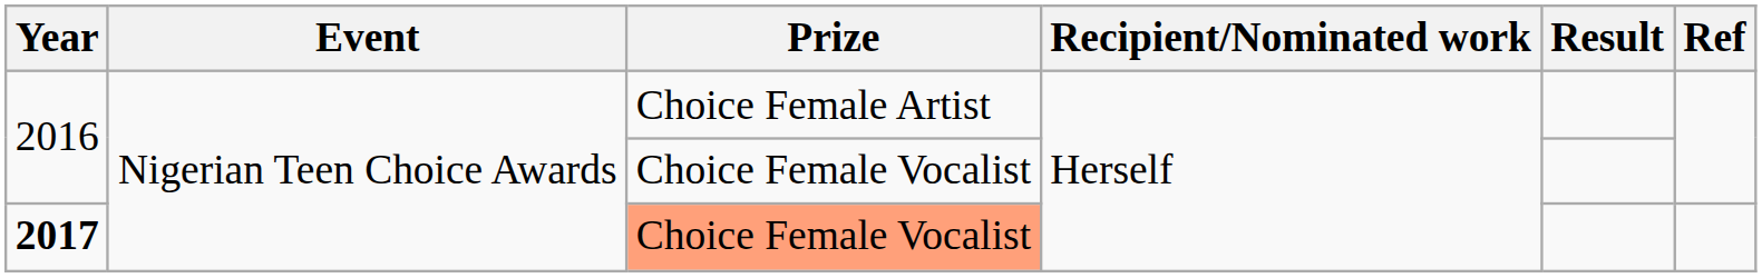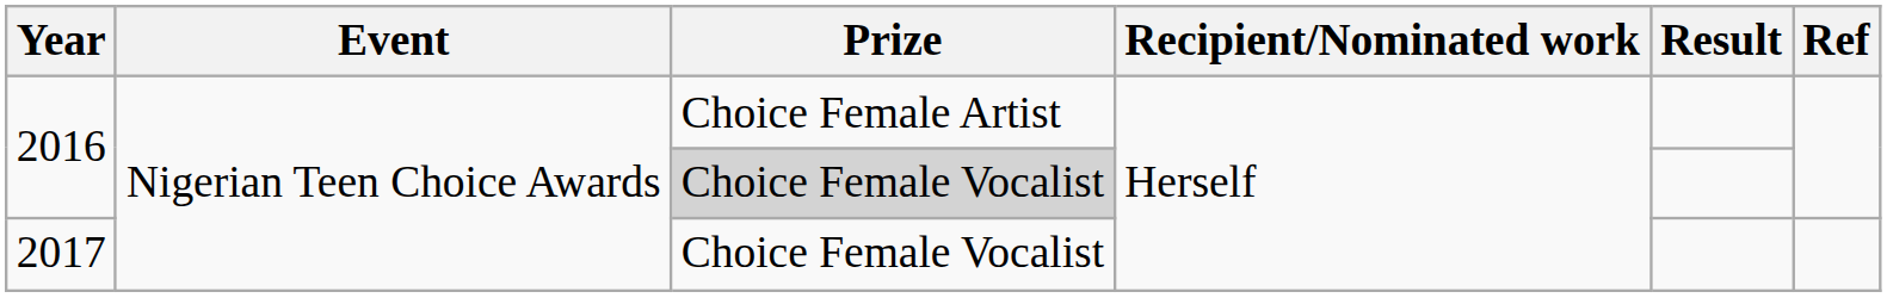 <table class="wikitable">
 <tr>
 <th>Year</th>
 <th>Event</th>
 <th>Prize</th>
 <th>Recipient/Nominated work</th>
 <th>Result</th>
 <th>Ref</th>
 </tr>
 <tr>
 <td rowspan="2">2016</td>
 <td rowspan="3">Nigerian Teen Choice Awards</td>
 <td>Choice Female Artist</td>
 <td rowspan="3">Herself</td>
 <td></td>
 <td rowspan="2"></td>
 </tr>
 <tr>
-<td>Choice Female Vocalist</td>
+<td style="background: lightgrey;">Choice Female Vocalist</td>
 <td></td>
 </tr>
 <tr>
-<td><strong>2017</strong></td>
-<td style="background: lightsalmon;">Choice Female Vocalist</td>
+<td>2017</td>
+<td>Choice Female Vocalist</td>
 <td></td>
 <td></td>
 </tr>
 </table>
